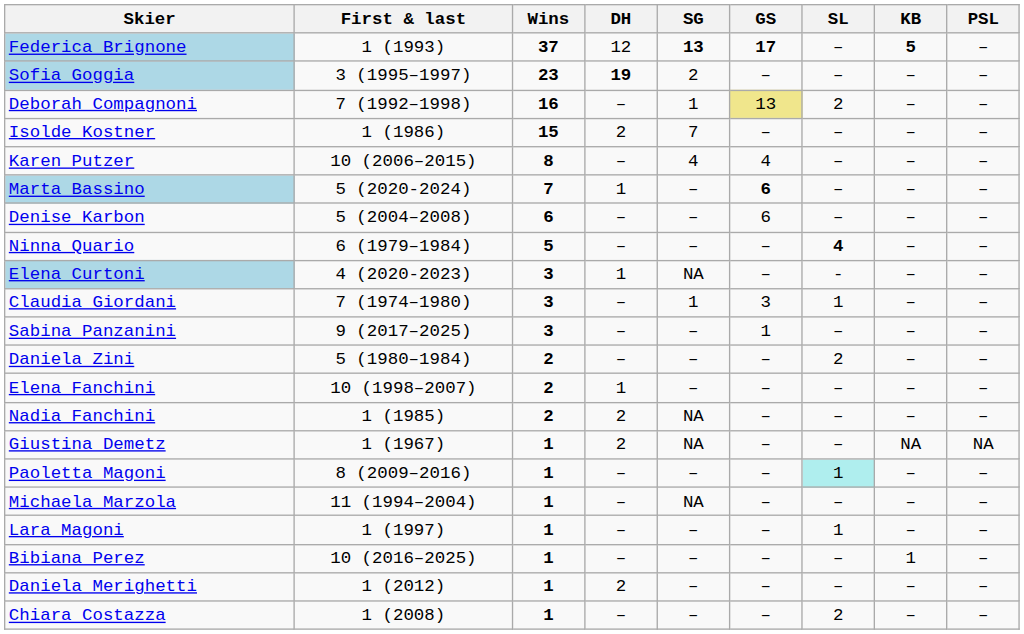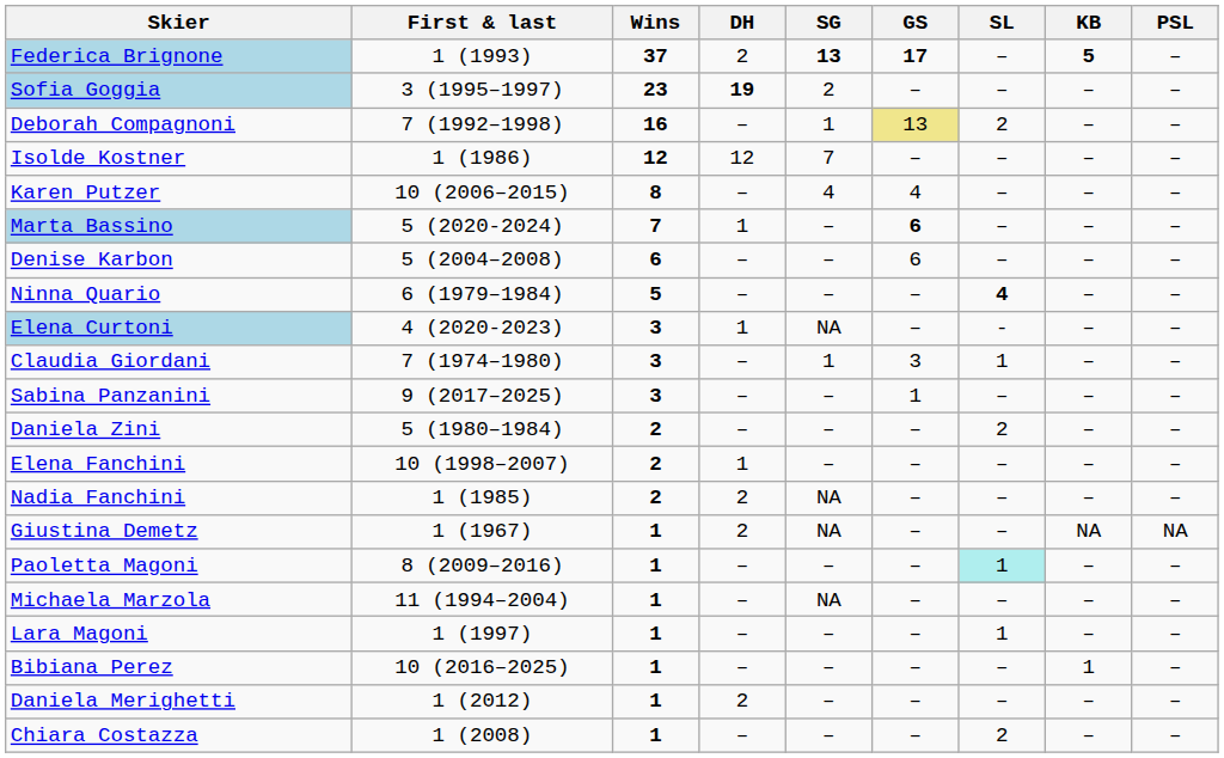 <table class="wikitable sortable" width=60% style="font-size:100%; text-align:center;">
 <tr>
 <th style="width:20%">Skier</th>
 <th style="width:15%">First & last</th>
 <th style="width:5%">Wins</th>
 <th style="width:5%">DH</th>
 <th style="width:5%">SG</th>
 <th style="width:5%">GS</th>
 <th style="width:5%">SL</th>
 <th style="width:5%">KB</th>
 <th style="width:5%">PSL</th>
 </tr>
 <tr>
 <td bgcolor=lightblue align=left><a href='#'>Federica Brignone</a></td>
 <td>1 (1993)</td>
 <td><strong>37</strong></td>
-<td>12</td>
+<td>2</td>
 <td><strong>13</strong></td>
 <td><strong>17</strong></td>
 <td>–</td>
 <td><strong>5</strong></td>
 <td>–</td>
 </tr>
 <tr>
 <td bgcolor="lightblue" align="left"><a href='#'>Sofia Goggia</a></td>
 <td>3 (1995–1997)</td>
 <td><strong>23</strong></td>
 <td><strong>19</strong></td>
 <td>2</td>
 <td>–</td>
 <td>–</td>
 <td>–</td>
 <td>–</td>
 </tr>
 <tr>
 <td align=left><a href='#'>Deborah Compagnoni</a></td>
 <td>7 (1992–1998)</td>
 <td><strong>16</strong></td>
 <td>–</td>
 <td>1</td>
 <td style="background: khaki;">13</td>
 <td>2</td>
 <td>–</td>
 <td>–</td>
 </tr>
 <tr>
 <td align=left><a href='#'>Isolde Kostner</a></td>
 <td>1 (1986)</td>
-<td><strong>15</strong></td>
-<td>2</td>
+<td><strong>12</strong></td>
+<td>12</td>
 <td>7</td>
 <td>–</td>
 <td>–</td>
 <td>–</td>
 <td>–</td>
 </tr>
 <tr>
 <td align=left><a href='#'>Karen Putzer</a></td>
 <td>10 (2006–2015)</td>
 <td><strong>8</strong></td>
 <td>–</td>
 <td>4</td>
 <td>4</td>
 <td>–</td>
 <td>–</td>
 <td>–</td>
 </tr>
 <tr>
 <td bgcolor=lightblue align=left><a href='#'>Marta Bassino</a></td>
 <td>5 (2020-2024)</td>
 <td><strong>7</strong></td>
 <td>1</td>
 <td>–</td>
 <td><strong>6</strong></td>
 <td>–</td>
 <td>–</td>
 <td>–</td>
 </tr>
 <tr>
 <td align=left><a href='#'>Denise Karbon</a></td>
 <td>5 (2004–2008)</td>
 <td><strong>6</strong></td>
 <td>–</td>
 <td>–</td>
 <td>6</td>
 <td>–</td>
 <td>–</td>
 <td>–</td>
 </tr>
 <tr>
 <td align=left><a href='#'>Ninna Quario</a></td>
 <td>6 (1979–1984)</td>
 <td><strong>5</strong></td>
 <td>–</td>
 <td>–</td>
 <td>–</td>
 <td><strong>4</strong></td>
 <td>–</td>
 <td>–</td>
 </tr>
 <tr>
 <td bgcolor=lightblue align=left><a href='#'>Elena Curtoni</a></td>
 <td>4 (2020-2023)</td>
 <td><strong>3</strong></td>
 <td>1</td>
 <td>NA</td>
 <td>–</td>
 <td>-</td>
 <td>–</td>
 <td>–</td>
 </tr>
 <tr>
 <td align=left><a href='#'>Claudia Giordani</a></td>
 <td>7 (1974–1980)</td>
 <td><strong>3</strong></td>
 <td>–</td>
 <td>1</td>
 <td>3</td>
 <td>1</td>
 <td>–</td>
 <td>–</td>
 </tr>
 <tr>
 <td align=left><a href='#'>Sabina Panzanini</a></td>
 <td>9 (2017–2025)</td>
 <td><strong>3</strong></td>
 <td>–</td>
 <td>–</td>
 <td>1</td>
 <td>–</td>
 <td>–</td>
 <td>–</td>
 </tr>
 <tr>
 <td align=left><a href='#'>Daniela Zini</a></td>
 <td>5 (1980–1984)</td>
 <td><strong>2</strong></td>
 <td>–</td>
 <td>–</td>
 <td>–</td>
 <td>2</td>
 <td>–</td>
 <td>–</td>
 </tr>
 <tr>
 <td align=left><a href='#'>Elena Fanchini</a></td>
 <td>10 (1998–2007)</td>
 <td><strong>2</strong></td>
 <td>1</td>
 <td>–</td>
 <td>–</td>
 <td>–</td>
 <td>–</td>
 <td>–</td>
 </tr>
 <tr>
 <td align=left><a href='#'>Nadia Fanchini</a></td>
 <td>1 (1985)</td>
 <td><strong>2</strong></td>
 <td>2</td>
 <td>NA</td>
 <td>–</td>
 <td>–</td>
 <td>–</td>
 <td>–</td>
 </tr>
 <tr>
 <td align=left><a href='#'>Giustina Demetz</a></td>
 <td>1 (1967)</td>
 <td><strong>1</strong></td>
 <td>2</td>
 <td>NA</td>
 <td>–</td>
 <td>–</td>
 <td>NA</td>
 <td>NA</td>
 </tr>
 <tr>
 <td align=left><a href='#'>Paoletta Magoni</a></td>
 <td>8 (2009–2016)</td>
 <td><strong>1</strong></td>
 <td>–</td>
 <td>–</td>
 <td>–</td>
 <td style="background: paleturquoise;">1</td>
 <td>–</td>
 <td>–</td>
 </tr>
 <tr>
 <td align=left><a href='#'>Michaela Marzola</a></td>
 <td>11 (1994–2004)</td>
 <td><strong>1</strong></td>
 <td>–</td>
 <td>NA</td>
 <td>–</td>
 <td>–</td>
 <td>–</td>
 <td>–</td>
 </tr>
 <tr>
 <td align=left><a href='#'>Lara Magoni</a></td>
 <td>1 (1997)</td>
 <td><strong>1</strong></td>
 <td>–</td>
 <td>–</td>
 <td>–</td>
 <td>1</td>
 <td>–</td>
 <td>–</td>
 </tr>
 <tr>
 <td align=left><a href='#'>Bibiana Perez</a></td>
 <td>10 (2016–2025)</td>
 <td><strong>1</strong></td>
 <td>–</td>
 <td>–</td>
 <td>–</td>
 <td>–</td>
 <td>1</td>
 <td>–</td>
 </tr>
 <tr>
 <td align=left><a href='#'>Daniela Merighetti</a></td>
 <td>1 (2012)</td>
 <td><strong>1</strong></td>
 <td>2</td>
 <td>–</td>
 <td>–</td>
 <td>–</td>
 <td>–</td>
 <td>–</td>
 </tr>
 <tr>
 <td align=left><a href='#'>Chiara Costazza</a></td>
 <td>1 (2008)</td>
 <td><strong>1</strong></td>
 <td>–</td>
 <td>–</td>
 <td>–</td>
 <td>2</td>
 <td>–</td>
 <td>–</td>
 </tr>
 </table>
